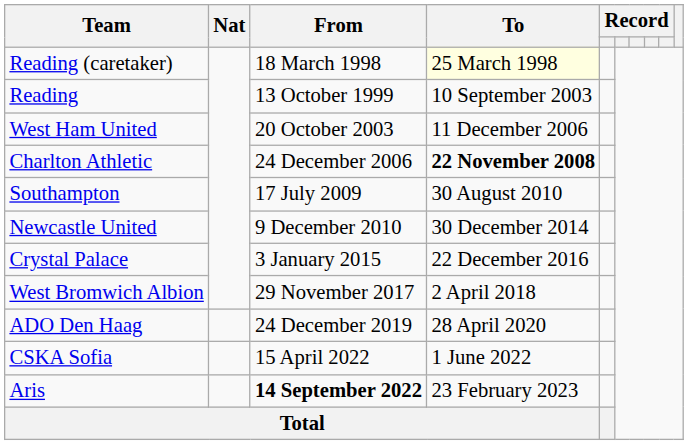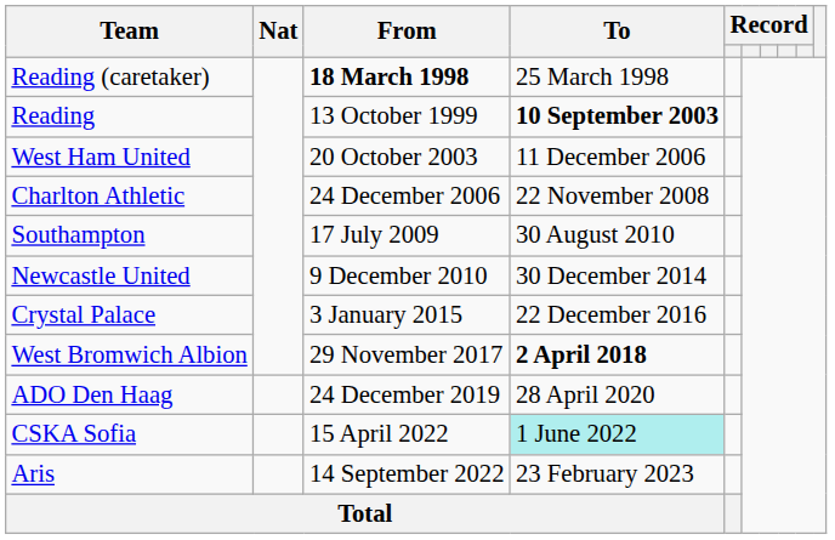 <table class=wikitable style="text-align: center">
 <tr>
 <th rowspan=2>Team</th>
 <th rowspan=2>Nat</th>
 <th rowspan=2>From</th>
 <th rowspan=2>To</th>
 <th colspan=5>Record</th>
 <th rowspan=2 class=unsortable></th>
 </tr>
 <tr>
 <th></th>
 <th></th>
 <th></th>
 <th></th>
 <th></th>
 </tr>
 <tr>
 <td align=left><a href='#'>Reading</a> (caretaker)</td>
 <td rowspan=8></td>
-<td align=left>18 March 1998</td>
-<td align=left style="background: lightyellow;">25 March 1998<br></td>
+<td align=left><strong>18 March 1998</strong></td>
+<td align=left>25 March 1998<br></td>
 <td></td>
 </tr>
 <tr>
 <td align=left><a href='#'>Reading</a></td>
 <td align=left>13 October 1999</td>
-<td align=left>10 September 2003<br></td>
+<td align=left><strong>10 September 2003<br></strong></td>
 <td></td>
 </tr>
 <tr>
 <td align=left><a href='#'>West Ham United</a></td>
 <td align=left>20 October 2003</td>
 <td align=left>11 December 2006<br></td>
 <td></td>
 </tr>
 <tr>
 <td align=left><a href='#'>Charlton Athletic</a></td>
 <td align=left>24 December 2006</td>
-<td align=left><strong>22 November 2008<br></strong></td>
+<td align=left>22 November 2008<br></td>
 <td></td>
 </tr>
 <tr>
 <td align=left><a href='#'>Southampton</a></td>
 <td align=left>17 July 2009</td>
 <td align=left>30 August 2010<br></td>
 <td></td>
 </tr>
 <tr>
 <td align=left><a href='#'>Newcastle United</a></td>
 <td align=left>9 December 2010</td>
 <td align=left>30 December 2014<br></td>
 <td></td>
 </tr>
 <tr>
 <td align=left><a href='#'>Crystal Palace</a></td>
 <td align=left>3 January 2015</td>
 <td align=left>22 December 2016<br></td>
 <td></td>
 </tr>
 <tr>
 <td align=left><a href='#'>West Bromwich Albion</a></td>
 <td align=left>29 November 2017</td>
-<td align=left>2 April 2018<br></td>
+<td align=left><strong>2 April 2018<br></strong></td>
 <td></td>
 </tr>
 <tr>
 <td align=left><a href='#'>ADO Den Haag</a></td>
 <td></td>
 <td align=left>24 December 2019</td>
 <td align=left>28 April 2020<br></td>
 <td></td>
 </tr>
 <tr>
 <td align=left><a href='#'>CSKA Sofia</a></td>
 <td></td>
 <td align=left>15 April 2022</td>
-<td align=left>1 June 2022<br></td>
+<td align=left style="background: paleturquoise;">1 June 2022<br></td>
 <td></td>
 </tr>
 <tr>
 <td align=left><a href='#'>Aris</a></td>
 <td></td>
-<td align=left><strong>14 September 2022</strong></td>
+<td align=left>14 September 2022</td>
 <td align=left>23 February 2023<br></td>
 <td></td>
 </tr>
 <tr>
 <th colspan=4>Total<br></th>
 <th></th>
 </tr>
 </table>
